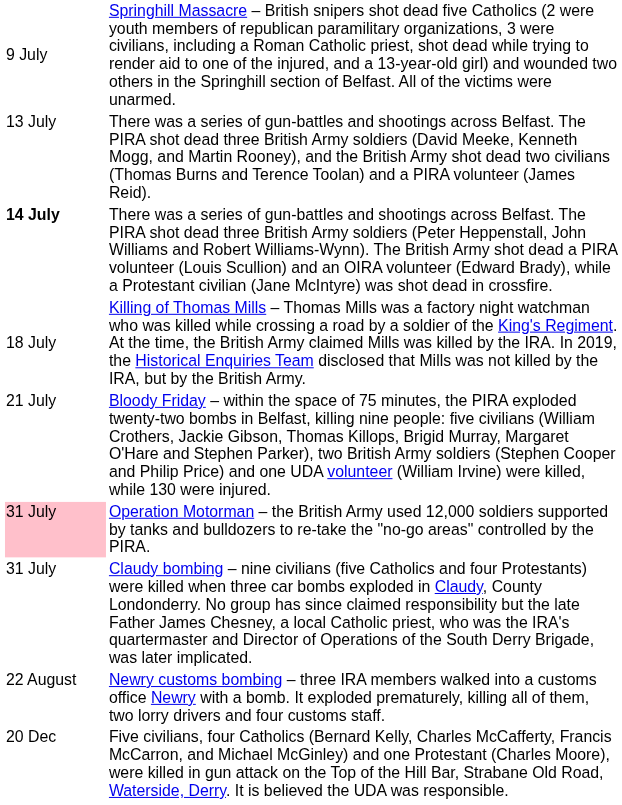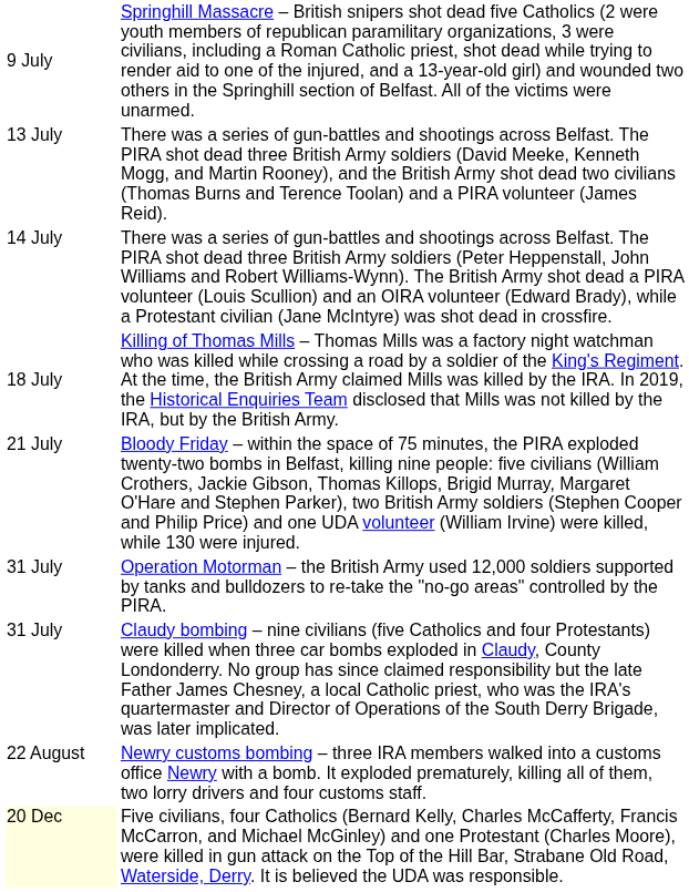 <table "floatright">
 <tr>
 <td style="width:100px; valign=top">9 July</td>
 <td><a href='#'>Springhill Massacre</a> – British snipers shot dead five Catholics (2 were youth members of republican paramilitary organizations, 3 were civilians, including a Roman Catholic priest, shot dead while trying to render aid to one of the injured, and a 13-year-old girl) and wounded two others in the Springhill section of Belfast. All of the victims were unarmed.</td>
 </tr>
 <tr>
 <td valign="top">13 July</td>
 <td>There was a series of gun-battles and shootings across Belfast. The PIRA shot dead three British Army soldiers (David Meeke, Kenneth Mogg, and Martin Rooney), and the British Army shot dead two civilians (Thomas Burns and Terence Toolan) and a PIRA volunteer (James Reid).</td>
 </tr>
 <tr>
-<td valign="top"><strong>14 July</strong></td>
+<td valign="top">14 July</td>
 <td>There was a series of gun-battles and shootings across Belfast. The PIRA shot dead three British Army soldiers (Peter Heppenstall, John Williams and Robert Williams-Wynn). The British Army shot dead a PIRA volunteer (Louis Scullion) and an OIRA volunteer (Edward Brady), while a Protestant civilian (Jane McIntyre) was shot dead in crossfire.</td>
 </tr>
 <tr>
 <td>18 July</td>
 <td><a href='#'>Killing of Thomas Mills</a> – Thomas Mills was a factory night watchman who was killed while crossing a road by a soldier of the <a href='#'>King's Regiment</a>. At the time, the British Army claimed Mills was killed by the IRA. In 2019, the <a href='#'>Historical Enquiries Team</a> disclosed that Mills was not killed by the IRA, but by the British Army.</td>
 </tr>
 <tr>
 <td valign="top">21 July</td>
 <td><a href='#'>Bloody Friday</a> – within the space of 75 minutes, the PIRA exploded twenty-two bombs in Belfast, killing nine people: five civilians (William Crothers, Jackie Gibson, Thomas Killops, Brigid Murray, Margaret O'Hare and Stephen Parker), two British Army soldiers (Stephen Cooper and Philip Price) and one UDA <a href='#'>volunteer</a> (William Irvine) were killed, while 130 were injured.</td>
 </tr>
 <tr>
-<td valign="top" style="background: pink;">31 July</td>
+<td valign="top">31 July</td>
 <td><a href='#'>Operation Motorman</a> – the British Army used 12,000 soldiers supported by tanks and bulldozers to re-take the "no-go areas" controlled by the PIRA.</td>
 </tr>
 <tr>
 <td valign="top">31 July</td>
 <td><a href='#'>Claudy bombing</a> – nine civilians (five Catholics and four Protestants) were killed when three car bombs exploded in <a href='#'>Claudy</a>, County Londonderry. No group has since claimed responsibility but the late Father James Chesney, a local Catholic priest, who was the IRA's quartermaster and Director of Operations of the South Derry Brigade, was later implicated.</td>
 </tr>
 <tr>
 <td valign="top">22 August</td>
 <td><a href='#'>Newry customs bombing</a> – three IRA members walked into a customs office <a href='#'>Newry</a> with a bomb. It exploded prematurely, killing all of them, two lorry drivers and four customs staff.</td>
 </tr>
 <tr>
-<td valign="top">20 Dec</td>
+<td valign="top" style="background: lightyellow;">20 Dec</td>
 <td>Five civilians, four Catholics (Bernard Kelly, Charles McCafferty, Francis McCarron, and Michael McGinley) and one Protestant (Charles Moore), were killed in gun attack on the Top of the Hill Bar, Strabane Old Road, <a href='#'>Waterside, Derry</a>. It is believed the UDA was responsible.</td>
 </tr>
 </table>
